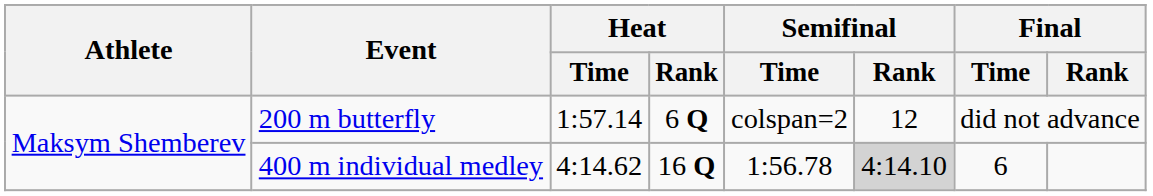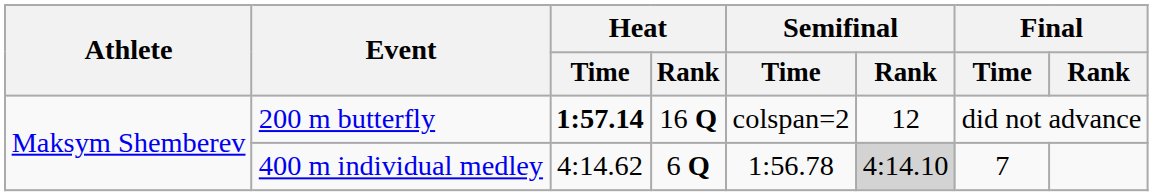 <table class="wikitable" style="text-align:center; font-size:90%">
 <tr>
 <th rowspan="2">Athlete</th>
 <th rowspan="2">Event</th>
 <th colspan="2">Heat</th>
 <th colspan="2">Semifinal</th>
 <th colspan="2">Final</th>
 </tr>
 <tr style="font-size:95%">
 <th>Time</th>
 <th>Rank</th>
 <th>Time</th>
 <th>Rank</th>
 <th>Time</th>
 <th>Rank</th>
 </tr>
 <tr>
 <td align=left rowspan=2><a href='#'>Maksym Shemberev</a></td>
 <td align=left><a href='#'>200 m butterfly</a></td>
-<td>1:57.14</td>
-<td>6 <strong>Q</strong></td>
+<td><strong>1:57.14</strong></td>
+<td>16 <strong>Q</strong></td>
 <td>colspan=2 </td>
 <td>12</td>
 <td colspan=2>did not advance</td>
 </tr>
 <tr>
 <td align=left><a href='#'>400 m individual medley</a></td>
 <td>4:14.62</td>
-<td>16 <strong>Q</strong></td>
+<td>6 <strong>Q</strong></td>
 <td>1:56.78</td>
 <td style="background: lightgrey;">4:14.10</td>
-<td>6</td>
+<td>7</td>
 </tr>
 </table>
